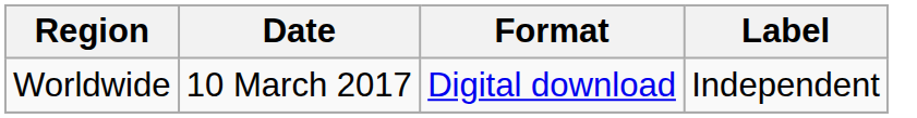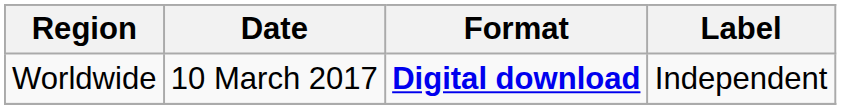 <table class=wikitable>
 <tr>
 <th>Region</th>
 <th>Date</th>
 <th>Format</th>
 <th>Label</th>
 </tr>
 <tr>
 <td>Worldwide</td>
 <td>10 March 2017</td>
-<td><a href='#'>Digital download</a></td>
+<td><strong><a href='#'>Digital download</a></strong></td>
 <td>Independent</td>
 </tr>
 <tr>
 </tr>
 </table>
